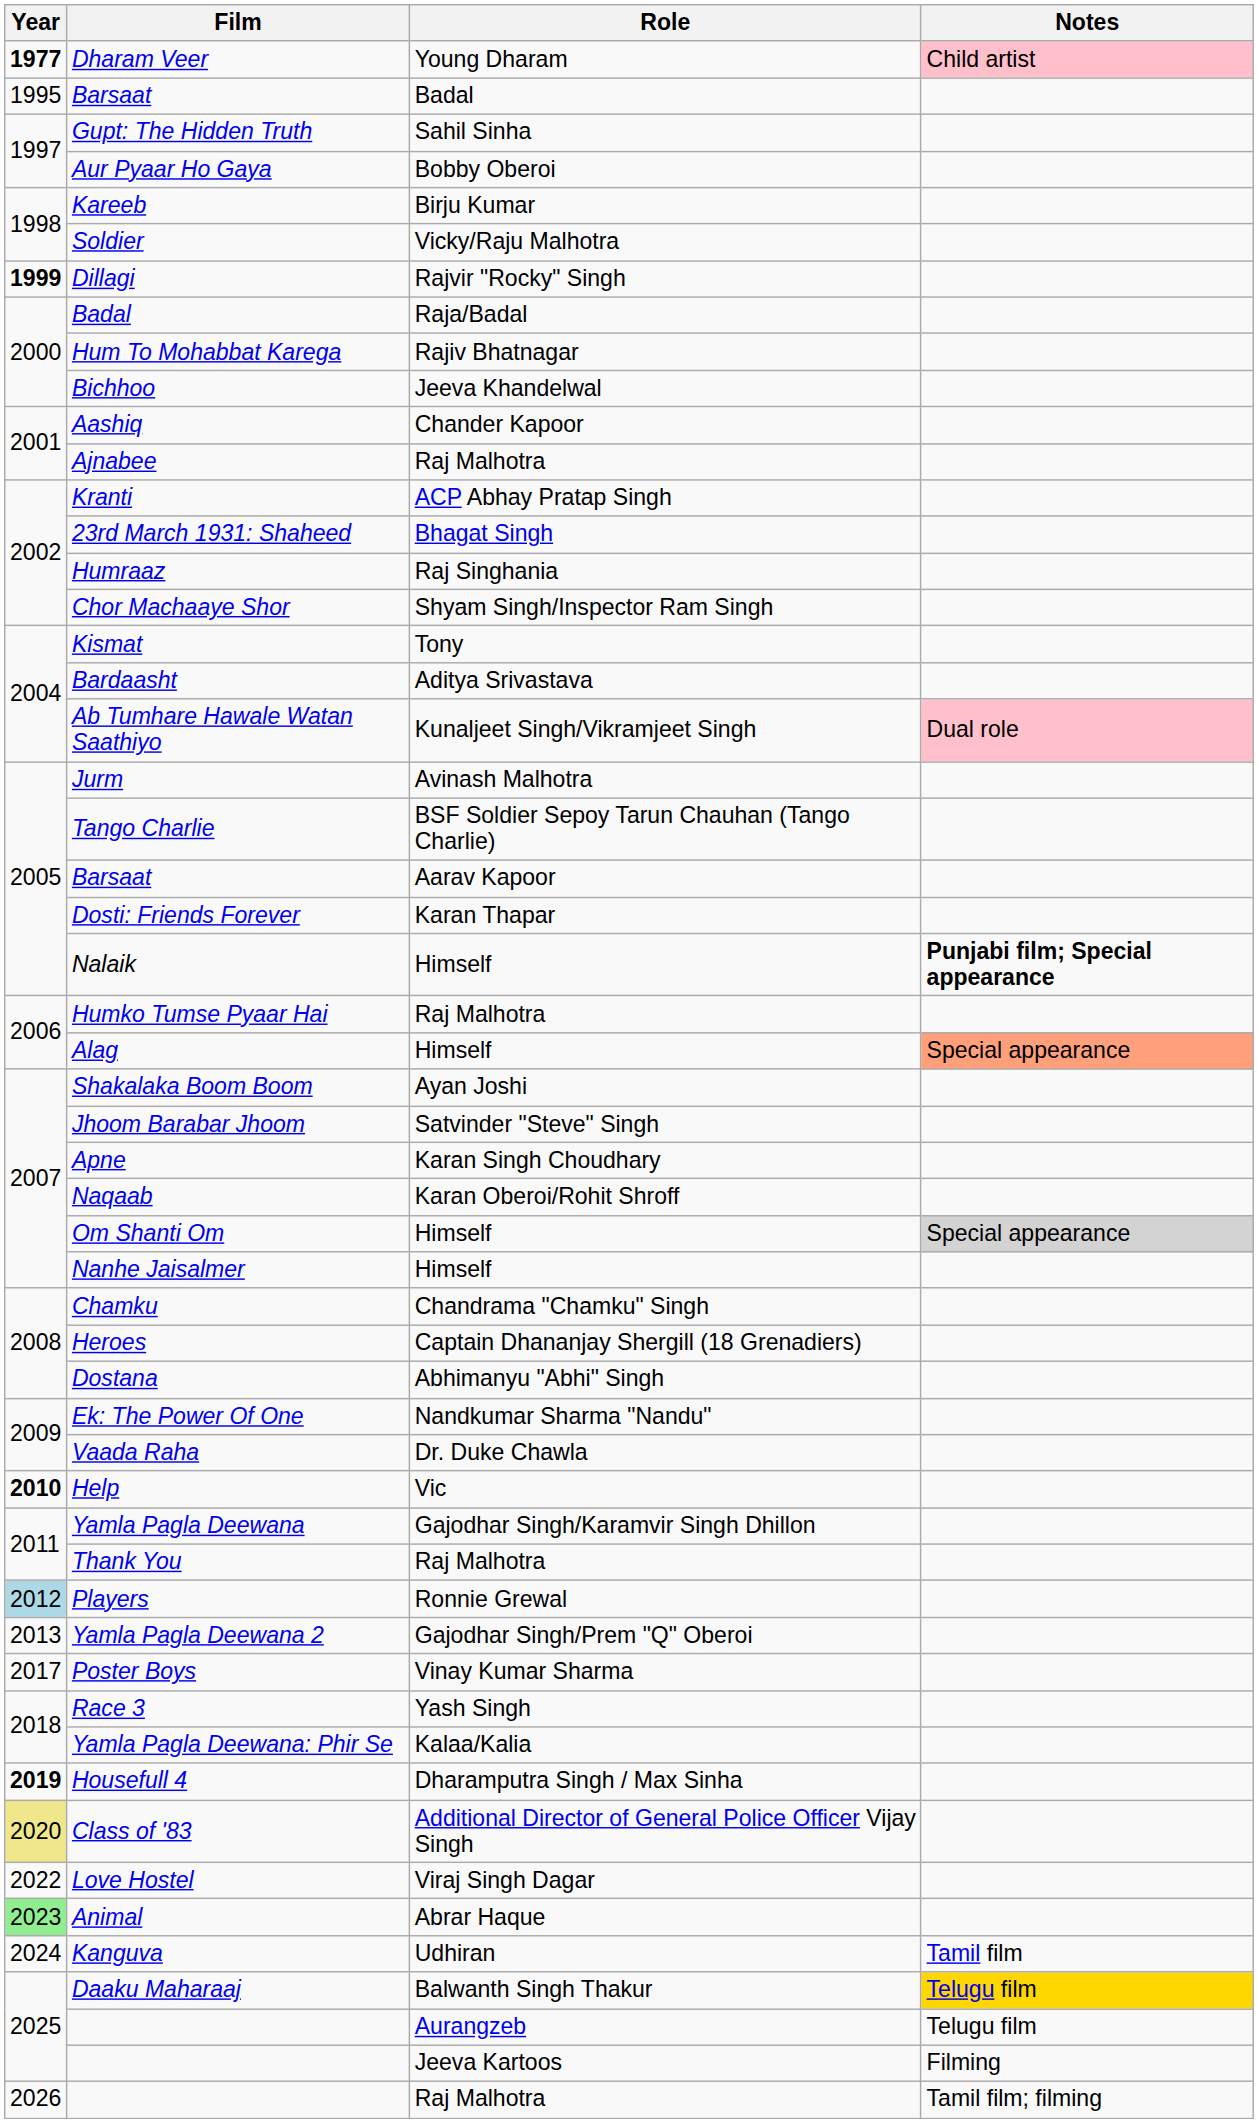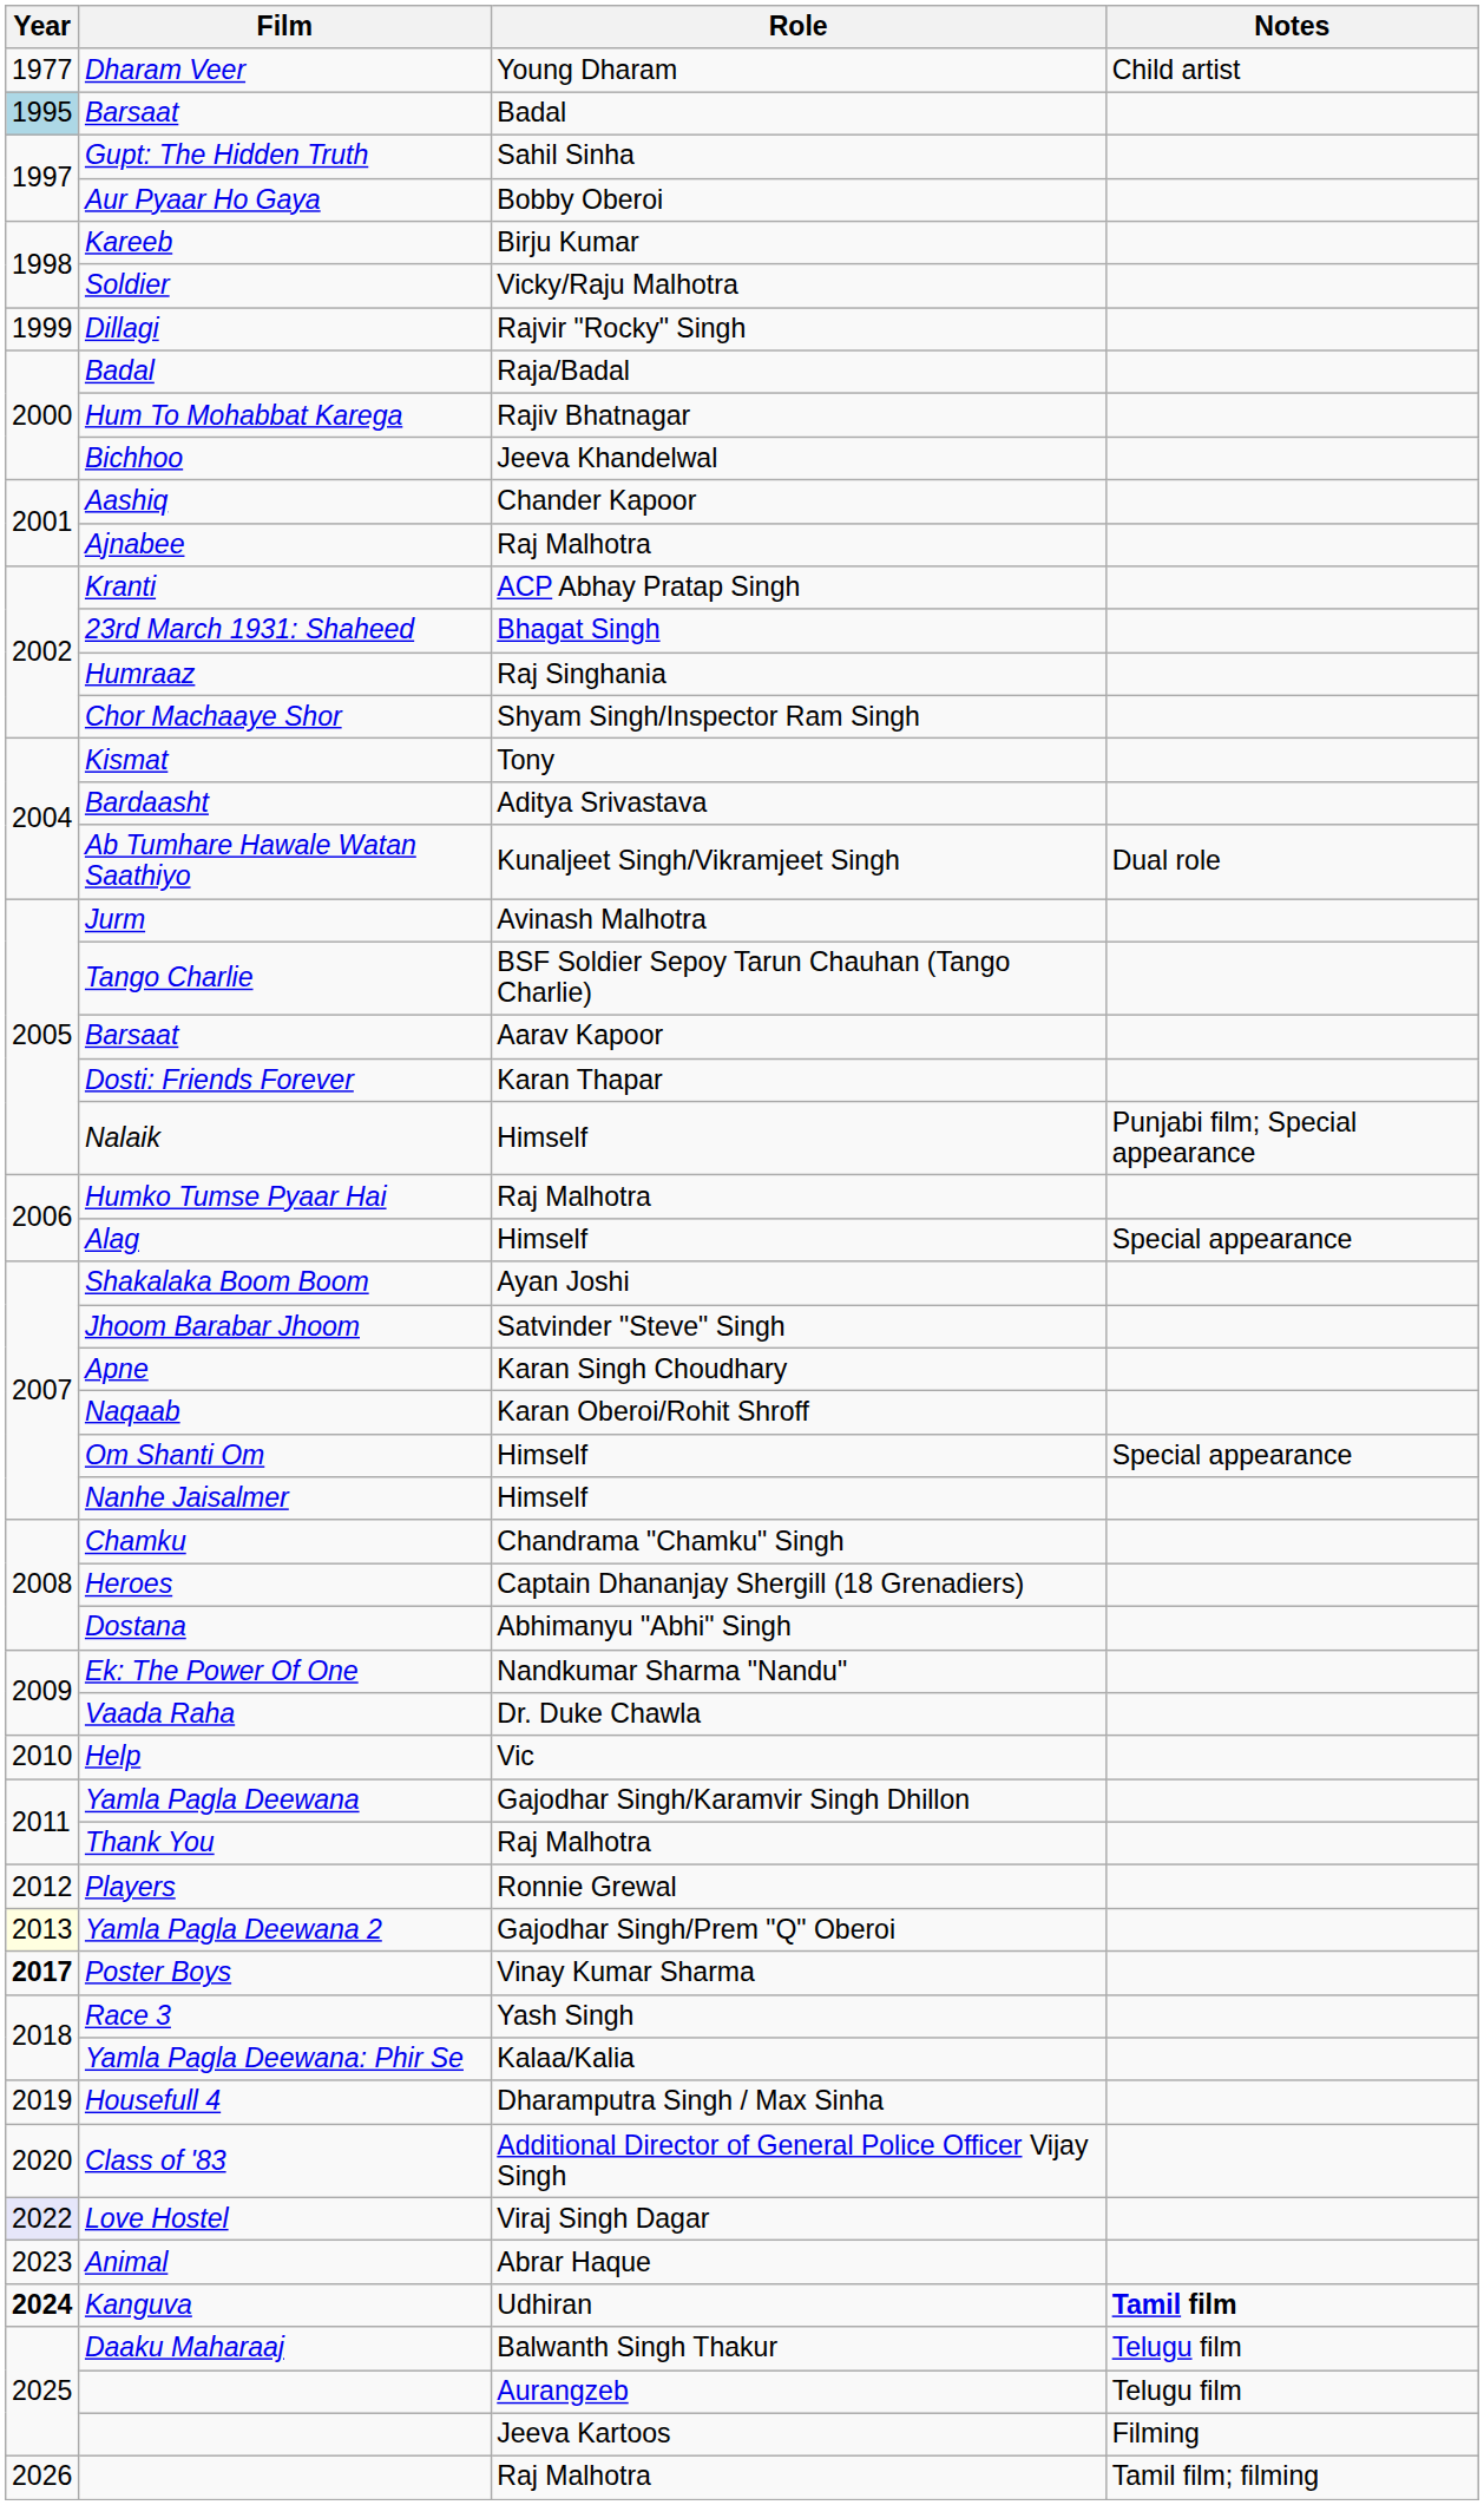 <table class="wikitable sortable plainrowheaders">
 <tr>
 <th cope="col">Year</th>
 <th cope="col">Film</th>
 <th cope="col">Role</th>
 <th class="unsortable" scope="col">Notes</th>
 </tr>
 <tr>
-<td><strong>1977</strong></td>
+<td>1977</td>
 <td><em><a href='#'>Dharam Veer</a></em></td>
 <td>Young Dharam</td>
-<td style="background: pink;">Child artist</td>
+<td>Child artist</td>
 </tr>
 <tr>
-<td>1995</td>
+<td style="background: lightblue;">1995</td>
 <td><em><a href='#'>Barsaat</a></em></td>
 <td>Badal</td>
 <td></td>
 </tr>
 <tr>
 <td rowspan="2">1997</td>
 <td><em><a href='#'>Gupt: The Hidden Truth</a></em></td>
 <td>Sahil Sinha</td>
 <td></td>
 </tr>
 <tr>
 <td><em><a href='#'>Aur Pyaar Ho Gaya</a></em></td>
 <td>Bobby Oberoi</td>
 <td></td>
 </tr>
 <tr>
 <td rowspan="2">1998</td>
 <td><em><a href='#'>Kareeb</a></em></td>
 <td>Birju Kumar</td>
 <td></td>
 </tr>
 <tr>
 <td><em><a href='#'>Soldier</a></em></td>
 <td>Vicky/Raju Malhotra</td>
 <td></td>
 </tr>
 <tr>
-<td><strong>1999</strong></td>
+<td>1999</td>
 <td><em><a href='#'>Dillagi</a></em></td>
 <td>Rajvir "Rocky" Singh</td>
 <td></td>
 </tr>
 <tr>
 <td rowspan="3">2000</td>
 <td><em><a href='#'>Badal</a></em></td>
 <td>Raja/Badal</td>
 <td></td>
 </tr>
 <tr>
 <td><em><a href='#'>Hum To Mohabbat Karega</a></em></td>
 <td>Rajiv Bhatnagar</td>
 <td></td>
 </tr>
 <tr>
 <td><em><a href='#'>Bichhoo</a></em></td>
 <td>Jeeva Khandelwal</td>
 <td></td>
 </tr>
 <tr>
 <td rowspan="2">2001</td>
 <td><em><a href='#'>Aashiq</a></em></td>
 <td>Chander Kapoor</td>
 <td></td>
 </tr>
 <tr>
 <td><em><a href='#'>Ajnabee</a></em></td>
 <td>Raj Malhotra</td>
 <td></td>
 </tr>
 <tr>
 <td rowspan="4">2002</td>
 <td><em><a href='#'>Kranti</a></em></td>
 <td><a href='#'>ACP</a> Abhay Pratap Singh</td>
 <td></td>
 </tr>
 <tr>
 <td><em><a href='#'>23rd March 1931: Shaheed</a></em></td>
 <td><a href='#'>Bhagat Singh</a></td>
 <td></td>
 </tr>
 <tr>
 <td><em><a href='#'>Humraaz</a></em></td>
 <td>Raj Singhania</td>
 <td></td>
 </tr>
 <tr>
 <td><em><a href='#'>Chor Machaaye Shor</a></em></td>
 <td>Shyam Singh/Inspector Ram Singh</td>
 <td></td>
 </tr>
 <tr>
 <td rowspan="3">2004</td>
 <td><em><a href='#'>Kismat</a></em></td>
 <td>Tony</td>
 <td></td>
 </tr>
 <tr>
 <td><em><a href='#'>Bardaasht</a></em></td>
 <td>Aditya Srivastava</td>
 <td></td>
 </tr>
 <tr>
 <td><em><a href='#'>Ab Tumhare Hawale Watan Saathiyo</a></em></td>
 <td>Kunaljeet Singh/Vikramjeet Singh</td>
-<td style="background: pink;">Dual role</td>
+<td>Dual role</td>
 </tr>
 <tr>
 <td rowspan="5">2005</td>
 <td><em><a href='#'>Jurm</a></em></td>
 <td>Avinash Malhotra</td>
 <td></td>
 </tr>
 <tr>
 <td><em><a href='#'>Tango Charlie</a></em></td>
 <td>BSF Soldier Sepoy Tarun Chauhan (Tango Charlie)</td>
 <td></td>
 </tr>
 <tr>
 <td><em><a href='#'>Barsaat</a></em></td>
 <td>Aarav Kapoor</td>
 <td></td>
 </tr>
 <tr>
 <td><em><a href='#'>Dosti: Friends Forever</a></em></td>
 <td>Karan Thapar</td>
 <td></td>
 </tr>
 <tr>
 <td><em>Nalaik</em></td>
 <td>Himself</td>
-<td><strong>Punjabi film; Special appearance</strong></td>
+<td>Punjabi film; Special appearance</td>
 </tr>
 <tr>
 <td rowspan="2">2006</td>
 <td><em><a href='#'>Humko Tumse Pyaar Hai</a></em></td>
 <td>Raj Malhotra</td>
 <td></td>
 </tr>
 <tr>
 <td><em><a href='#'>Alag</a></em></td>
 <td>Himself</td>
-<td style="background: lightsalmon;">Special appearance</td>
+<td>Special appearance</td>
 </tr>
 <tr>
 <td rowspan="6">2007</td>
 <td><em><a href='#'>Shakalaka Boom Boom</a></em></td>
 <td>Ayan Joshi</td>
 <td></td>
 </tr>
 <tr>
 <td><em><a href='#'>Jhoom Barabar Jhoom</a></em></td>
 <td>Satvinder "Steve" Singh</td>
 <td></td>
 </tr>
 <tr>
 <td><em><a href='#'>Apne</a></em></td>
 <td>Karan Singh Choudhary</td>
 <td></td>
 </tr>
 <tr>
 <td><em><a href='#'>Naqaab</a></em></td>
 <td>Karan Oberoi/Rohit Shroff</td>
 <td></td>
 </tr>
 <tr>
 <td><em><a href='#'>Om Shanti Om</a></em></td>
 <td>Himself</td>
-<td style="background: lightgrey;">Special appearance</td>
+<td>Special appearance</td>
 </tr>
 <tr>
 <td><em><a href='#'>Nanhe Jaisalmer</a></em></td>
 <td>Himself</td>
 <td></td>
 </tr>
 <tr>
 <td rowspan="3">2008</td>
 <td><em><a href='#'>Chamku</a></em></td>
 <td>Chandrama "Chamku" Singh</td>
 <td></td>
 </tr>
 <tr>
 <td><em><a href='#'>Heroes</a></em></td>
 <td>Captain Dhananjay Shergill (18 Grenadiers)</td>
 <td></td>
 </tr>
 <tr>
 <td><em><a href='#'>Dostana</a></em></td>
 <td>Abhimanyu "Abhi" Singh</td>
 <td></td>
 </tr>
 <tr>
 <td rowspan="2">2009</td>
 <td><em><a href='#'>Ek: The Power Of One</a></em></td>
 <td>Nandkumar Sharma "Nandu"</td>
 <td></td>
 </tr>
 <tr>
 <td><em><a href='#'>Vaada Raha</a></em></td>
 <td>Dr. Duke Chawla</td>
 <td></td>
 </tr>
 <tr>
-<td><strong>2010</strong></td>
+<td>2010</td>
 <td><em><a href='#'>Help</a></em></td>
 <td>Vic</td>
 <td></td>
 </tr>
 <tr>
 <td rowspan="2">2011</td>
 <td><em><a href='#'>Yamla Pagla Deewana</a></em></td>
 <td>Gajodhar Singh/Karamvir Singh Dhillon</td>
 <td></td>
 </tr>
 <tr>
 <td><em><a href='#'>Thank You</a></em></td>
 <td>Raj Malhotra</td>
 <td></td>
 </tr>
 <tr>
-<td style="background: lightblue;">2012</td>
+<td>2012</td>
 <td><em><a href='#'>Players</a></em></td>
 <td>Ronnie Grewal</td>
 <td></td>
 </tr>
 <tr>
-<td>2013</td>
+<td style="background: lightyellow;">2013</td>
 <td><em><a href='#'>Yamla Pagla Deewana 2</a></em></td>
 <td>Gajodhar Singh/Prem "Q" Oberoi</td>
 <td></td>
 </tr>
 <tr>
-<td>2017</td>
+<td><strong>2017</strong></td>
 <td><em><a href='#'>Poster Boys</a></em></td>
 <td>Vinay Kumar Sharma</td>
 <td></td>
 </tr>
 <tr>
 <td rowspan="2">2018</td>
 <td><em><a href='#'>Race 3</a></em></td>
 <td>Yash Singh</td>
 <td></td>
 </tr>
 <tr>
 <td><em><a href='#'>Yamla Pagla Deewana: Phir Se</a></em></td>
 <td>Kalaa/Kalia</td>
 <td></td>
 </tr>
 <tr>
-<td><strong>2019</strong></td>
+<td>2019</td>
 <td><em><a href='#'>Housefull 4</a></em></td>
 <td>Dharamputra Singh / Max Sinha</td>
 <td></td>
 </tr>
 <tr>
-<td style="background: khaki;">2020</td>
+<td>2020</td>
 <td><em><a href='#'>Class of '83</a></em></td>
 <td><a href='#'>Additional Director of General Police Officer</a> Vijay Singh</td>
 <td></td>
 </tr>
 <tr>
-<td>2022</td>
+<td style="background: lavender;">2022</td>
 <td><em><a href='#'>Love Hostel</a></em></td>
 <td>Viraj Singh Dagar</td>
 <td></td>
 </tr>
 <tr>
-<td style="background: lightgreen;">2023</td>
+<td>2023</td>
 <td><em><a href='#'>Animal</a></em></td>
 <td>Abrar Haque</td>
 <td></td>
 </tr>
 <tr>
-<td>2024</td>
+<td><strong>2024</strong></td>
 <td><em><a href='#'>Kanguva</a></em></td>
 <td>Udhiran</td>
-<td><a href='#'>Tamil</a> film</td>
+<td><strong><a href='#'>Tamil</a> film</strong></td>
 </tr>
 <tr>
 <td rowspan="3">2025</td>
 <td><em><a href='#'>Daaku Maharaaj</a></em></td>
 <td>Balwanth Singh Thakur</td>
-<td style="background: gold;"><a href='#'>Telugu</a> film </td>
+<td><a href='#'>Telugu</a> film </td>
 </tr>
 <tr>
 <td></td>
 <td><a href='#'>Aurangzeb</a></td>
 <td>Telugu film</td>
 </tr>
 <tr>
 <td></td>
 <td>Jeeva Kartoos</td>
 <td>Filming</td>
 </tr>
 <tr>
 <td>2026</td>
 <td></td>
 <td>Raj Malhotra</td>
 <td>Tamil film; filming</td>
 </tr>
 <tr>
 </tr>
 </table>
